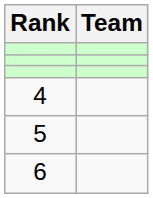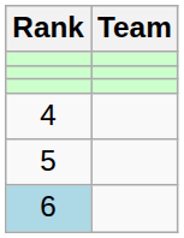 <table class="wikitable">
 <tr>
 <th>Rank</th>
 <th>Team</th>
 </tr>
 <tr bgcolor=ccffcc>
 <td align=center></td>
 <td></td>
 </tr>
 <tr bgcolor=ccffcc>
 <td align=center></td>
 <td></td>
 </tr>
 <tr bgcolor=ccffcc>
 <td align=center></td>
 <td></td>
 </tr>
 <tr>
 <td align=center>4</td>
 <td></td>
 </tr>
 <tr>
 <td align=center>5</td>
 <td></td>
 </tr>
 <tr>
-<td align=center>6</td>
+<td align=center style="background: lightblue;">6</td>
 <td></td>
 </tr>
 </table>
